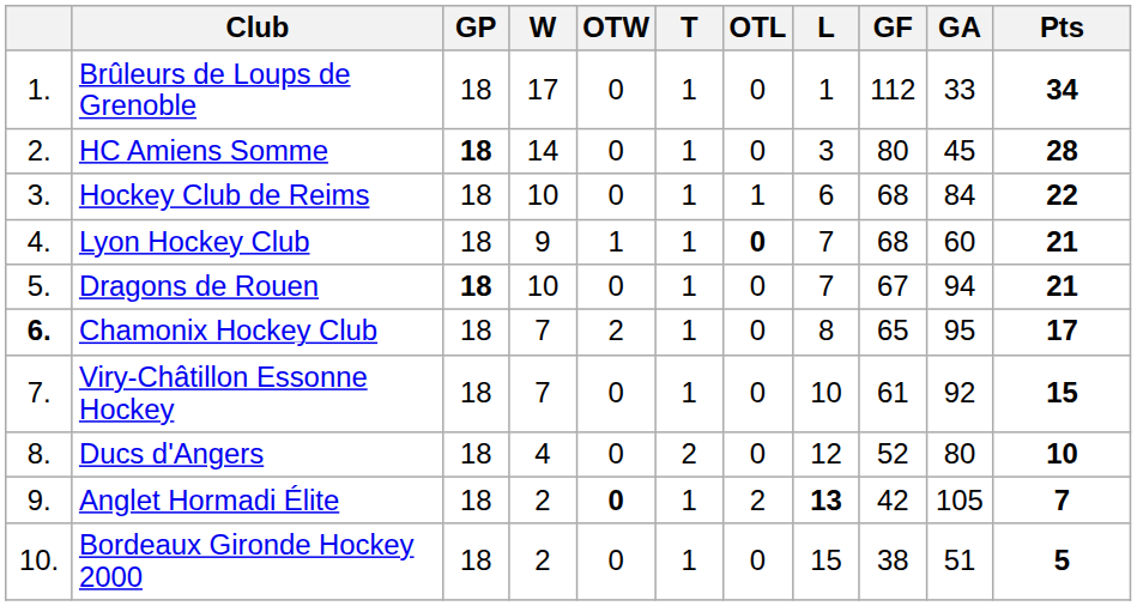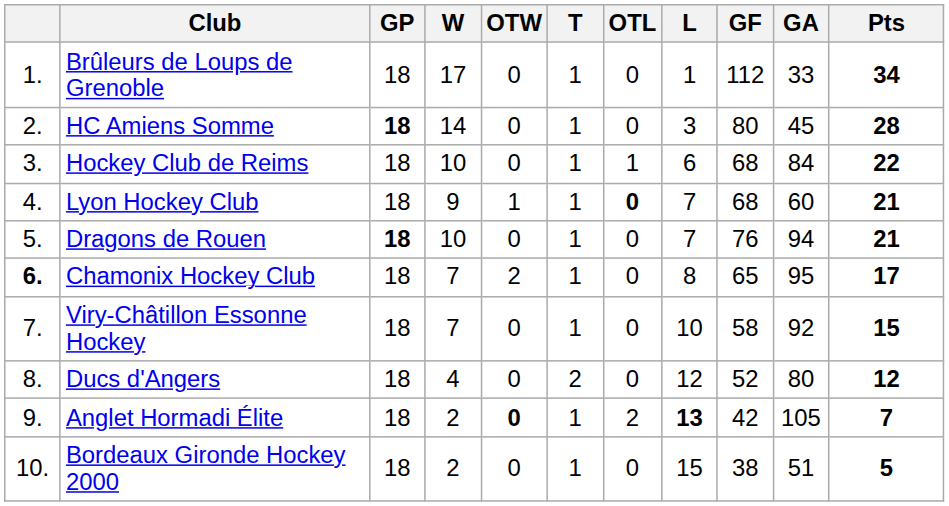 <table class="wikitable">
 <tr>
 <th width="30"></th>
 <th width="200">Club</th>
 <th width="30">GP</th>
 <th width="30">W</th>
 <th width="30">OTW</th>
 <th width="30">T</th>
 <th width="30">OTL</th>
 <th width="30">L</th>
 <th width="30">GF</th>
 <th width="30">GA</th>
 <th width="70">Pts</th>
 </tr>
 <tr bgcolor="#FFFFFF" align="center">
 <td>1.</td>
 <td align="left"><a href='#'>Brûleurs de Loups de Grenoble</a></td>
 <td>18</td>
 <td>17</td>
 <td>0</td>
 <td>1</td>
 <td>0</td>
 <td>1</td>
 <td>112</td>
 <td>33</td>
 <td><strong>34</strong></td>
 </tr>
 <tr bgcolor="#FFFFFF" align="center">
 <td>2.</td>
 <td align="left"><a href='#'>HC Amiens Somme</a></td>
 <td><strong>18</strong></td>
 <td>14</td>
 <td>0</td>
 <td>1</td>
 <td>0</td>
 <td>3</td>
 <td>80</td>
 <td>45</td>
 <td><strong>28</strong></td>
 </tr>
 <tr bgcolor="#FFFFFF" align="center">
 <td>3.</td>
 <td align="left"><a href='#'>Hockey Club de Reims</a></td>
 <td>18</td>
 <td>10</td>
 <td>0</td>
 <td>1</td>
 <td>1</td>
 <td>6</td>
 <td>68</td>
 <td>84</td>
 <td><strong>22</strong></td>
 </tr>
 <tr bgcolor="#FFFFFF" align="center">
 <td>4.</td>
 <td align="left"><a href='#'>Lyon Hockey Club</a></td>
 <td>18</td>
 <td>9</td>
 <td>1</td>
 <td>1</td>
 <td><strong>0</strong></td>
 <td>7</td>
 <td>68</td>
 <td>60</td>
 <td><strong>21</strong></td>
 </tr>
 <tr bgcolor="#FFFFFF" align="center">
 <td>5.</td>
 <td align="left"><a href='#'>Dragons de Rouen</a></td>
 <td><strong>18</strong></td>
 <td>10</td>
 <td>0</td>
 <td>1</td>
 <td>0</td>
 <td>7</td>
-<td>67</td>
+<td>76</td>
 <td>94</td>
 <td><strong>21</strong></td>
 </tr>
 <tr bgcolor="#FFFFFF" align="center">
 <td><strong>6.</strong></td>
 <td align="left"><a href='#'>Chamonix Hockey Club</a></td>
 <td>18</td>
 <td>7</td>
 <td>2</td>
 <td>1</td>
 <td>0</td>
 <td>8</td>
 <td>65</td>
 <td>95</td>
 <td><strong>17</strong></td>
 </tr>
 <tr bgcolor="#FFFFFF" align="center">
 <td>7.</td>
 <td align="left"><a href='#'>Viry-Châtillon Essonne Hockey&lrm;</a></td>
 <td>18</td>
 <td>7</td>
 <td>0</td>
 <td>1</td>
 <td>0</td>
 <td>10</td>
-<td>61</td>
+<td>58</td>
 <td>92</td>
 <td><strong>15</strong></td>
 </tr>
 <tr bgcolor="#FFFFFF" align="center">
 <td>8.</td>
 <td align="left"><a href='#'>Ducs d'Angers</a></td>
 <td>18</td>
 <td>4</td>
 <td>0</td>
 <td>2</td>
 <td>0</td>
 <td>12</td>
 <td>52</td>
 <td>80</td>
-<td><strong>10</strong></td>
+<td><strong>12</strong></td>
 </tr>
 <tr bgcolor="#FFFFFF" align="center">
 <td>9.</td>
 <td align="left"><a href='#'>Anglet Hormadi Élite</a></td>
 <td>18</td>
 <td>2</td>
 <td><strong>0</strong></td>
 <td>1</td>
 <td>2</td>
 <td><strong>13</strong></td>
 <td>42</td>
 <td>105</td>
 <td><strong>7</strong></td>
 </tr>
 <tr bgcolor="#FFFFFF" align="center">
 <td>10.</td>
 <td align="left"><a href='#'>Bordeaux Gironde Hockey 2000</a></td>
 <td>18</td>
 <td>2</td>
 <td>0</td>
 <td>1</td>
 <td>0</td>
 <td>15</td>
 <td>38</td>
 <td>51</td>
 <td><strong>5</strong></td>
 </tr>
 </table>
